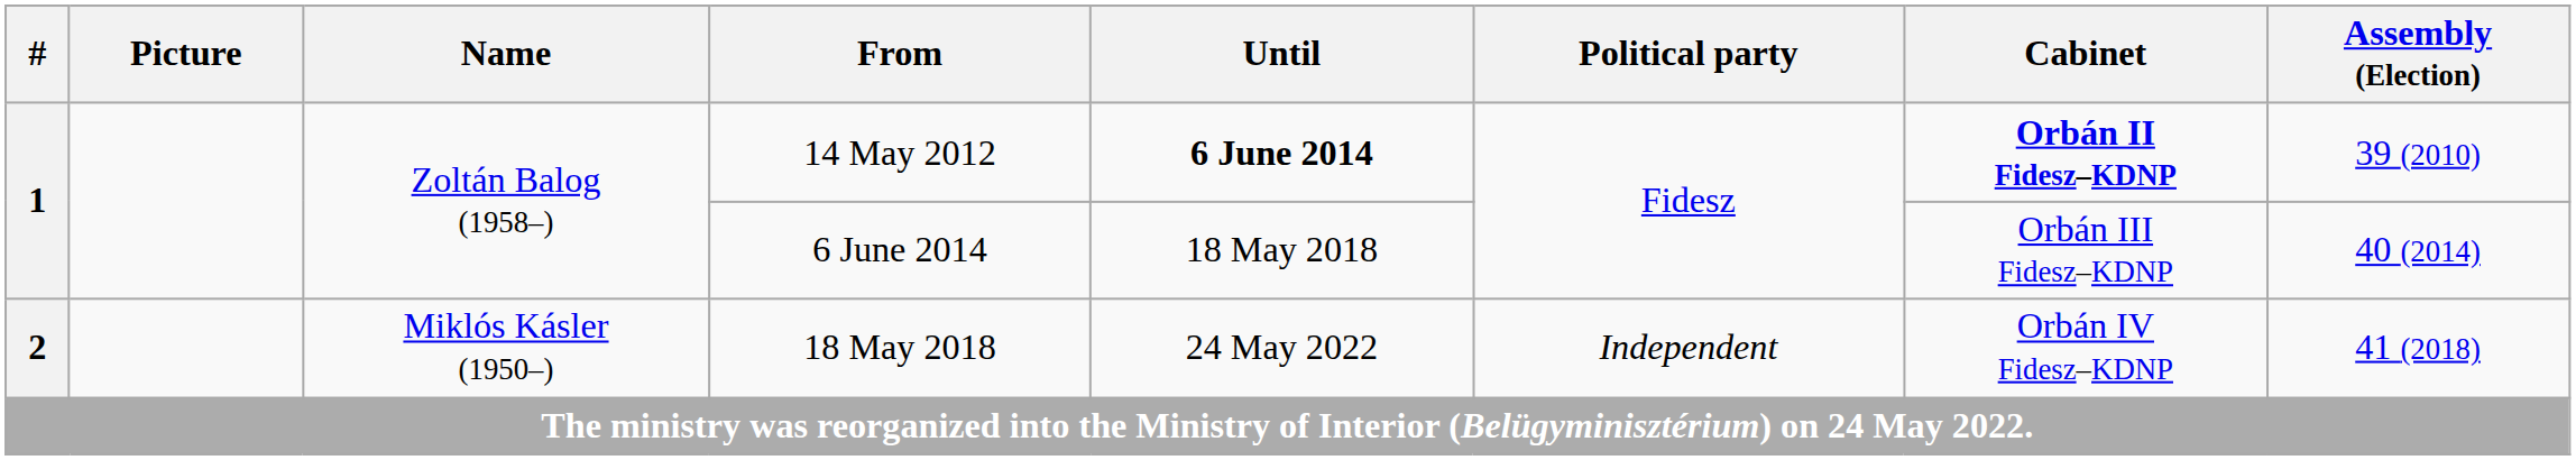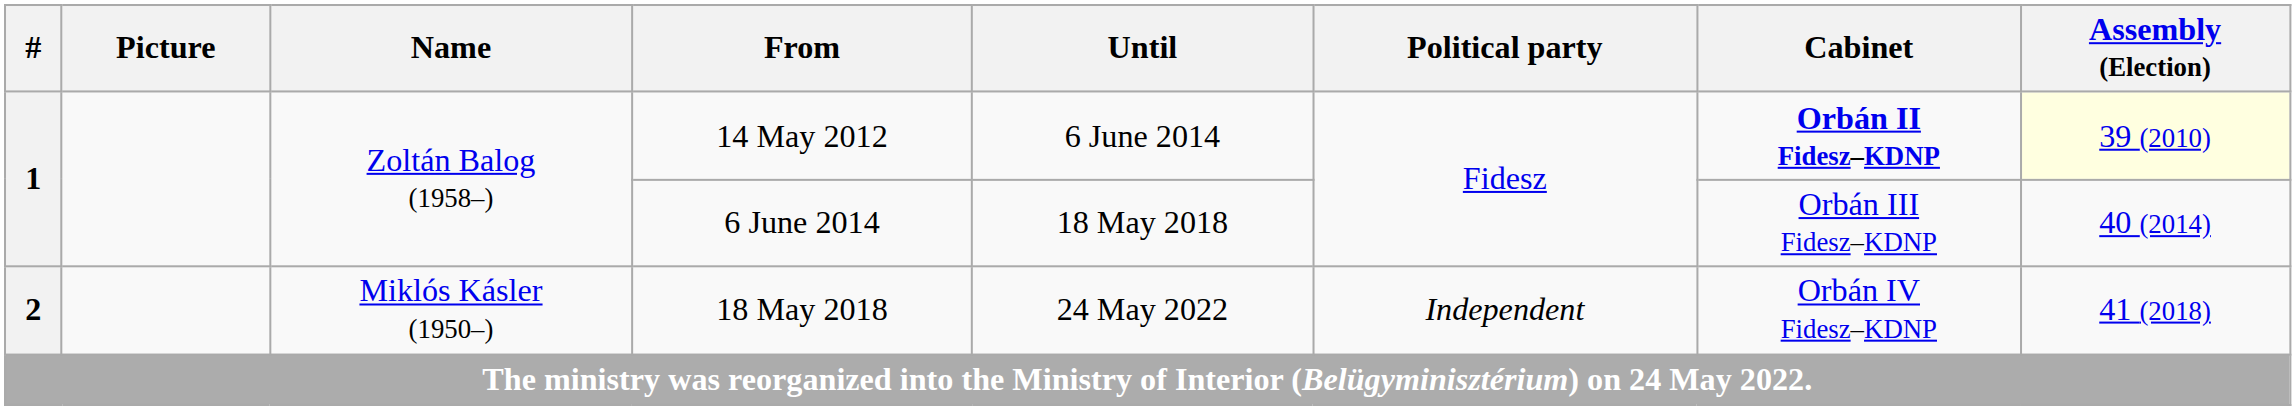 <table width=90% class="wikitable" style="text-align:center">
 <tr>
 <th>#</th>
 <th>Picture</th>
 <th>Name</th>
 <th>From</th>
 <th>Until</th>
 <th>Political party</th>
 <th>Cabinet</th>
 <th><a href='#'>Assembly</a><br><small>(Election)</small></th>
 </tr>
 <tr>
 <th rowspan="2" style="background:">1</th>
 <td rowspan="2"></td>
 <td rowspan="2"><a href='#'>Zoltán Balog</a><br><small>(1958–)</small></td>
 <td>14 May 2012</td>
-<td><strong>6 June 2014</strong></td>
+<td>6 June 2014</td>
 <td rowspan="2"><a href='#'>Fidesz</a></td>
 <td><strong><a href='#'>Orbán II</a><br><small><a href='#'>Fidesz</a>–<a href='#'>KDNP</a></small></strong></td>
-<td><a href='#'>39 <small>(2010)</small></a></td>
+<td style="background: lightyellow;"><a href='#'>39 <small>(2010)</small></a></td>
 </tr>
 <tr>
 <td>6 June 2014</td>
 <td>18 May 2018</td>
 <td><a href='#'>Orbán III</a><br><small><a href='#'>Fidesz</a>–<a href='#'>KDNP</a></small></td>
 <td><a href='#'>40 <small>(2014)</small></a></td>
 </tr>
 <tr>
 <th style="background:">2</th>
 <td></td>
 <td><a href='#'>Miklós Kásler</a><br><small>(1950–)</small></td>
 <td>18 May 2018</td>
 <td>24 May 2022</td>
 <td><em>Independent</em></td>
 <td><a href='#'>Orbán IV</a><br><small><a href='#'>Fidesz</a>–<a href='#'>KDNP</a></small></td>
 <td><a href='#'>41 <small>(2018)</small></a></td>
 </tr>
 <tr>
 <th colspan="8" style="background-color:#ACACAC; color:white">The ministry was reorganized into the Ministry of Interior (<em>Belügyminisztérium</em>) on 24 May 2022.</th>
 </tr>
 </table>
